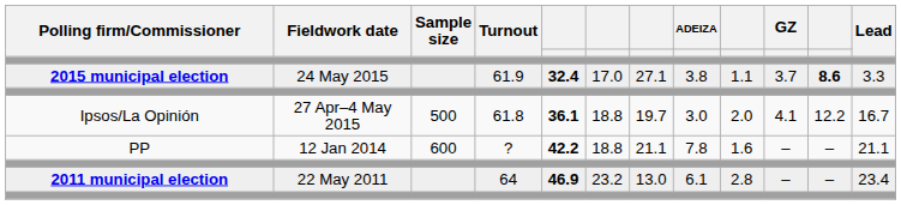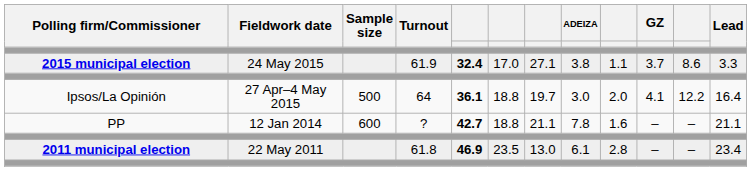 <table class="wikitable collapsible collapsed" style="text-align:center; font-size:95%; line-height:16px;">
 <tr style="height:42px;">
 <th style="width:250px;" rowspan="2">Polling firm/Commissioner</th>
 <th style="width:125px;" rowspan="2">Fieldwork date</th>
 <th style="width:50px;" rowspan="2">Sample size</th>
 <th style="width:45px;" rowspan="2">Turnout</th>
 <th style="width:35px;"></th>
 <th style="width:35px;"></th>
 <th style="width:35px;"></th>
 <th style="width:35px; font-size:70%;">ADEIZA</th>
 <th style="width:35px;"></th>
 <th style="width:35px;">GZ</th>
 <th style="width:35px;"></th>
 <th style="width:30px;" rowspan="2">Lead</th>
 </tr>
 <tr>
 <th style="color:inherit;background:"></th>
 <th style="color:inherit;background:"></th>
 <th style="color:inherit;background:"></th>
 <th style="color:inherit;background:"></th>
 <th style="color:inherit;background:"></th>
 <th style="color:inherit;background:"></th>
 <th style="color:inherit;background:"></th>
 </tr>
 <tr>
 <td colspan="12" style="background:#A0A0A0"></td>
 </tr>
 <tr style="background:#EFEFEF;">
 <td><strong><a href='#'>2015 municipal election</a></strong></td>
 <td>24 May 2015</td>
 <td></td>
 <td>61.9</td>
 <td><strong>32.4</strong><br></td>
 <td>17.0<br></td>
 <td>27.1<br></td>
 <td>3.8<br></td>
 <td>1.1<br></td>
 <td>3.7<br></td>
-<td><strong>8.6<br></strong></td>
+<td>8.6<br></td>
 <td style="background:">3.3</td>
 </tr>
 <tr>
 <td colspan="12" style="background:#A0A0A0"></td>
 </tr>
 <tr>
 <td>Ipsos/La Opinión</td>
 <td>27 Apr–4 May 2015</td>
 <td>500</td>
-<td>61.8</td>
+<td>64</td>
 <td><strong>36.1</strong><br></td>
 <td>18.8<br></td>
 <td>19.7<br></td>
 <td>3.0<br></td>
 <td>2.0<br></td>
 <td>4.1<br></td>
 <td>12.2<br></td>
-<td style="background:">16.7</td>
+<td style="background:">16.4</td>
 </tr>
 <tr>
 <td>PP</td>
 <td>12 Jan 2014</td>
 <td>600</td>
 <td>?</td>
-<td><strong>42.2</strong><br></td>
+<td><strong>42.7</strong><br></td>
 <td>18.8<br></td>
 <td>21.1<br></td>
 <td>7.8<br></td>
 <td>1.6<br></td>
 <td>–</td>
 <td>–</td>
 <td style="background:">21.1</td>
 </tr>
 <tr>
 <td colspan="12" style="background:#A0A0A0"></td>
 </tr>
 <tr style="background:#EFEFEF;">
 <td><strong><a href='#'>2011 municipal election</a></strong></td>
 <td>22 May 2011</td>
 <td></td>
-<td>64</td>
+<td>61.8</td>
 <td><strong>46.9</strong><br></td>
-<td>23.2<br></td>
+<td>23.5<br></td>
 <td>13.0<br></td>
 <td>6.1<br></td>
 <td>2.8<br></td>
 <td>–</td>
 <td>–</td>
 <td style="background:">23.4</td>
 </tr>
 <tr>
 <td colspan="12" style="background:#A0A0A0"></td>
 </tr>
 </table>
